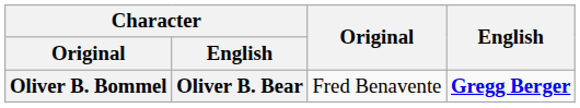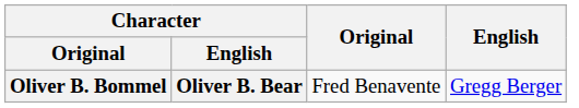 <table class="wikitable">
 <tr>
 <th colspan="2">Character</th>
 <th rowspan="2">Original</th>
 <th rowspan="2">English</th>
 </tr>
 <tr>
 <th>Original</th>
 <th>English</th>
 </tr>
 <tr>
 <th>Oliver B. Bommel</th>
 <th>Oliver B. Bear</th>
 <td>Fred Benavente</td>
-<td><strong><a href='#'>Gregg Berger</a></strong></td>
+<td><a href='#'>Gregg Berger</a></td>
 </tr>
 </table>
